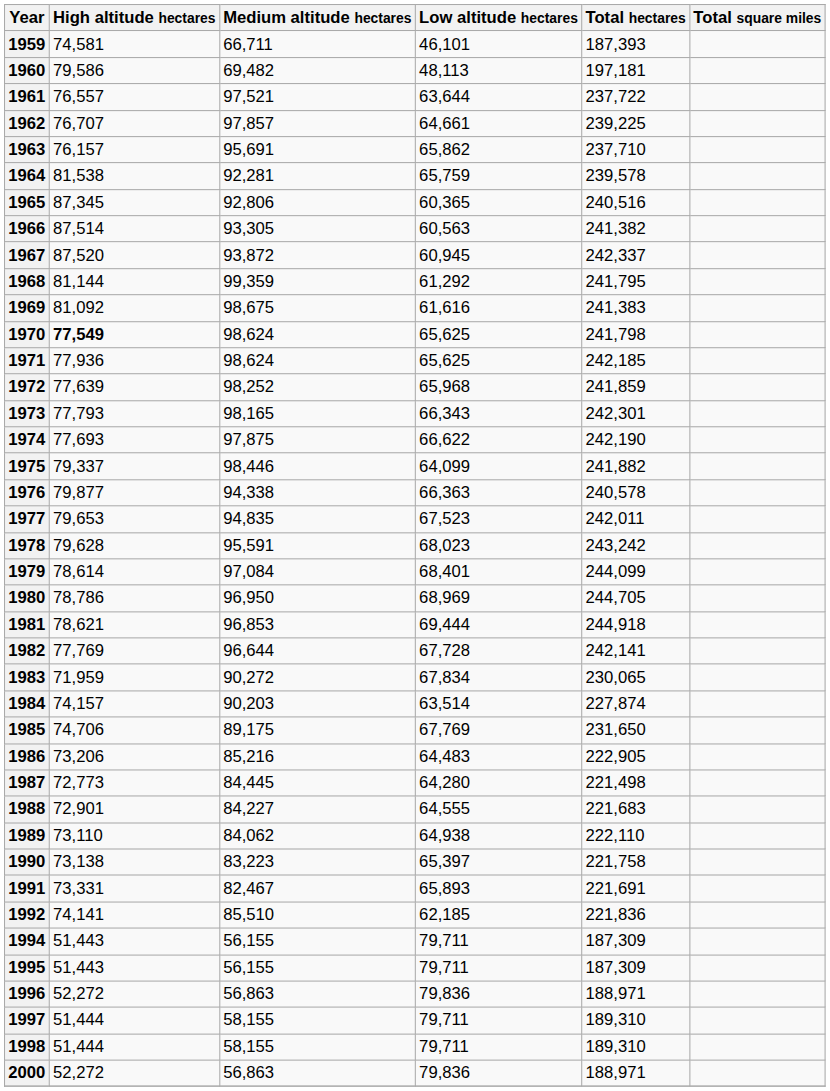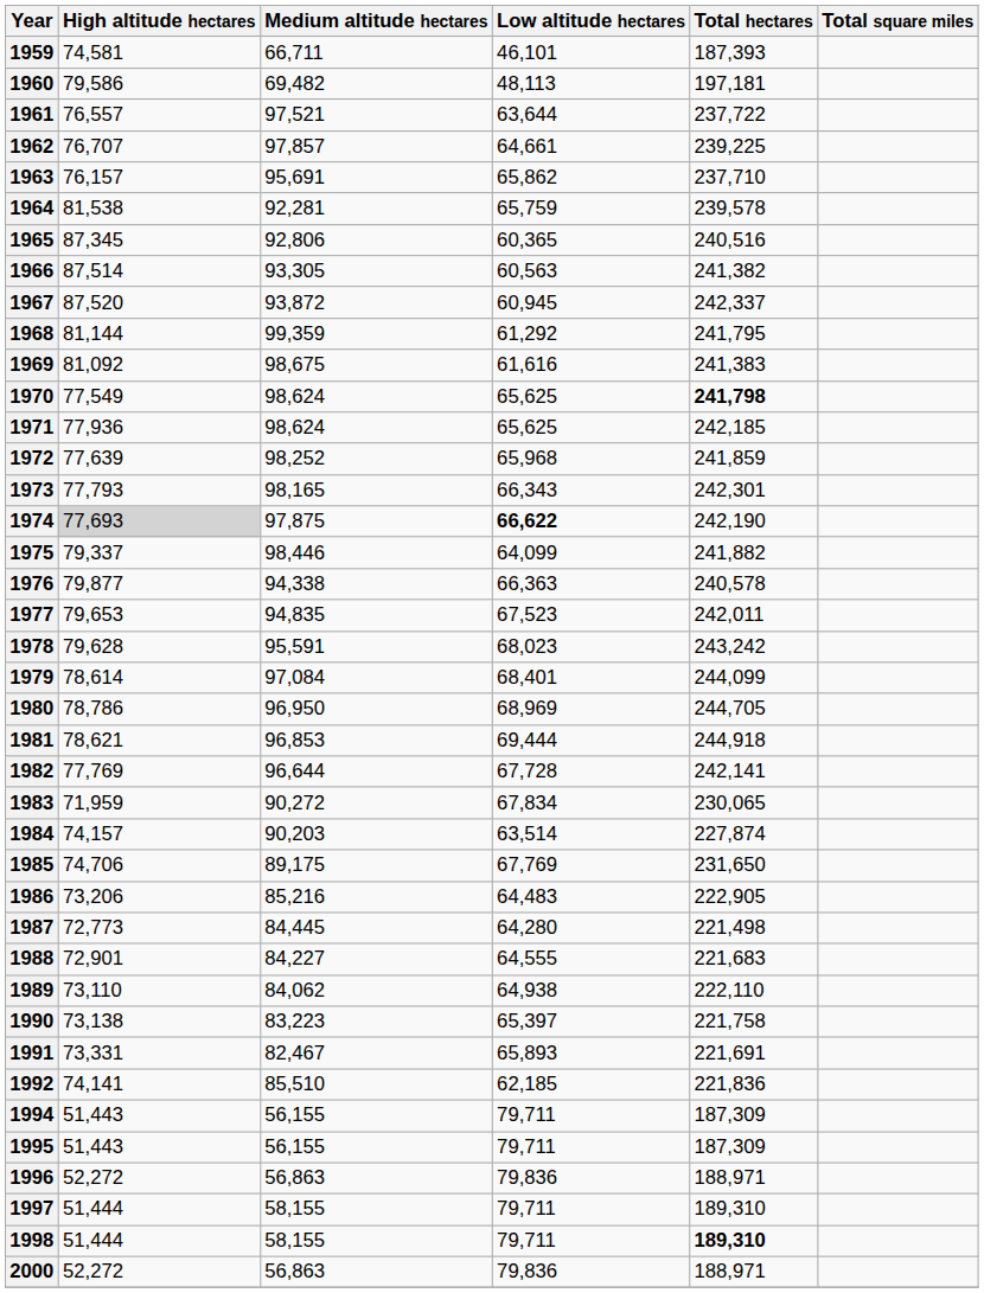 <table class="wikitable sortable static-row-numbers static-row-header-text">
 <tr>
 <th>Year</th>
 <th>High altitude <small>hectares</small></th>
 <th>Medium altitude <small>hectares</small></th>
 <th>Low altitude <small>hectares</small></th>
 <th>Total <small>hectares</small></th>
 <th>Total <small>square miles</small></th>
 </tr>
 <tr>
 <th scope="row">1959</th>
 <td>74,581</td>
 <td>66,711</td>
 <td>46,101</td>
 <td>187,393</td>
 <td></td>
 </tr>
 <tr>
 <th scope="row">1960</th>
 <td>79,586</td>
 <td>69,482</td>
 <td>48,113</td>
 <td>197,181</td>
 <td></td>
 </tr>
 <tr>
 <th scope="row">1961</th>
 <td>76,557</td>
 <td>97,521</td>
 <td>63,644</td>
 <td>237,722</td>
 <td></td>
 </tr>
 <tr>
 <th scope="row">1962</th>
 <td>76,707</td>
 <td>97,857</td>
 <td>64,661</td>
 <td>239,225</td>
 <td></td>
 </tr>
 <tr>
 <th scope="row">1963</th>
 <td>76,157</td>
 <td>95,691</td>
 <td>65,862</td>
 <td>237,710</td>
 <td></td>
 </tr>
 <tr>
 <th scope="row">1964</th>
 <td>81,538</td>
 <td>92,281</td>
 <td>65,759</td>
 <td>239,578</td>
 <td></td>
 </tr>
 <tr>
 <th scope="row">1965</th>
 <td>87,345</td>
 <td>92,806</td>
 <td>60,365</td>
 <td>240,516</td>
 <td></td>
 </tr>
 <tr>
 <th scope="row">1966</th>
 <td>87,514</td>
 <td>93,305</td>
 <td>60,563</td>
 <td>241,382</td>
 <td></td>
 </tr>
 <tr>
 <th scope="row">1967</th>
 <td>87,520</td>
 <td>93,872</td>
 <td>60,945</td>
 <td>242,337</td>
 <td></td>
 </tr>
 <tr>
 <th scope="row">1968</th>
 <td>81,144</td>
 <td>99,359</td>
 <td>61,292</td>
 <td>241,795</td>
 <td></td>
 </tr>
 <tr>
 <th scope="row">1969</th>
 <td>81,092</td>
 <td>98,675</td>
 <td>61,616</td>
 <td>241,383</td>
 <td></td>
 </tr>
 <tr>
 <th scope="row">1970</th>
-<td><strong>77,549</strong></td>
+<td>77,549</td>
 <td>98,624</td>
 <td>65,625</td>
-<td>241,798</td>
+<td><strong>241,798</strong></td>
 <td></td>
 </tr>
 <tr>
 <th scope="row">1971</th>
 <td>77,936</td>
 <td>98,624</td>
 <td>65,625</td>
 <td>242,185</td>
 <td></td>
 </tr>
 <tr>
 <th scope="row">1972</th>
 <td>77,639</td>
 <td>98,252</td>
 <td>65,968</td>
 <td>241,859</td>
 <td></td>
 </tr>
 <tr>
 <th scope="row">1973</th>
 <td>77,793</td>
 <td>98,165</td>
 <td>66,343</td>
 <td>242,301</td>
 <td></td>
 </tr>
 <tr>
 <th scope="row">1974</th>
-<td>77,693</td>
+<td style="background: lightgrey;">77,693</td>
 <td>97,875</td>
-<td>66,622</td>
+<td><strong>66,622</strong></td>
 <td>242,190</td>
 <td></td>
 </tr>
 <tr>
 <th scope="row">1975</th>
 <td>79,337</td>
 <td>98,446</td>
 <td>64,099</td>
 <td>241,882</td>
 <td></td>
 </tr>
 <tr>
 <th scope="row">1976</th>
 <td>79,877</td>
 <td>94,338</td>
 <td>66,363</td>
 <td>240,578</td>
 <td></td>
 </tr>
 <tr>
 <th scope="row">1977</th>
 <td>79,653</td>
 <td>94,835</td>
 <td>67,523</td>
 <td>242,011</td>
 <td></td>
 </tr>
 <tr>
 <th scope="row">1978</th>
 <td>79,628</td>
 <td>95,591</td>
 <td>68,023</td>
 <td>243,242</td>
 <td></td>
 </tr>
 <tr>
 <th scope="row">1979</th>
 <td>78,614</td>
 <td>97,084</td>
 <td>68,401</td>
 <td>244,099</td>
 <td></td>
 </tr>
 <tr>
 <th scope="row">1980</th>
 <td>78,786</td>
 <td>96,950</td>
 <td>68,969</td>
 <td>244,705</td>
 <td></td>
 </tr>
 <tr>
 <th scope="row">1981</th>
 <td>78,621</td>
 <td>96,853</td>
 <td>69,444</td>
 <td>244,918</td>
 <td></td>
 </tr>
 <tr>
 <th scope="row">1982</th>
 <td>77,769</td>
 <td>96,644</td>
 <td>67,728</td>
 <td>242,141</td>
 <td></td>
 </tr>
 <tr>
 <th scope="row">1983</th>
 <td>71,959</td>
 <td>90,272</td>
 <td>67,834</td>
 <td>230,065</td>
 <td></td>
 </tr>
 <tr>
 <th scope="row">1984</th>
 <td>74,157</td>
 <td>90,203</td>
 <td>63,514</td>
 <td>227,874</td>
 <td></td>
 </tr>
 <tr>
 <th scope="row">1985</th>
 <td>74,706</td>
 <td>89,175</td>
 <td>67,769</td>
 <td>231,650</td>
 <td></td>
 </tr>
 <tr>
 <th scope="row">1986</th>
 <td>73,206</td>
 <td>85,216</td>
 <td>64,483</td>
 <td>222,905</td>
 <td></td>
 </tr>
 <tr>
 <th scope="row">1987</th>
 <td>72,773</td>
 <td>84,445</td>
 <td>64,280</td>
 <td>221,498</td>
 <td></td>
 </tr>
 <tr>
 <th scope="row">1988</th>
 <td>72,901</td>
 <td>84,227</td>
 <td>64,555</td>
 <td>221,683</td>
 <td></td>
 </tr>
 <tr>
 <th scope="row">1989</th>
 <td>73,110</td>
 <td>84,062</td>
 <td>64,938</td>
 <td>222,110</td>
 <td></td>
 </tr>
 <tr>
 <th scope="row">1990</th>
 <td>73,138</td>
 <td>83,223</td>
 <td>65,397</td>
 <td>221,758</td>
 <td></td>
 </tr>
 <tr>
 <th scope="row">1991</th>
 <td>73,331</td>
 <td>82,467</td>
 <td>65,893</td>
 <td>221,691</td>
 <td></td>
 </tr>
 <tr>
 <th scope="row">1992</th>
 <td>74,141</td>
 <td>85,510</td>
 <td>62,185</td>
 <td>221,836</td>
 <td></td>
 </tr>
 <tr>
 <th scope="row">1994</th>
 <td>51,443</td>
 <td>56,155</td>
 <td>79,711</td>
 <td>187,309</td>
 <td></td>
 </tr>
 <tr>
 <th scope="row">1995</th>
 <td>51,443</td>
 <td>56,155</td>
 <td>79,711</td>
 <td>187,309</td>
 <td></td>
 </tr>
 <tr>
 <th scope="row">1996</th>
 <td>52,272</td>
 <td>56,863</td>
 <td>79,836</td>
 <td>188,971</td>
 <td></td>
 </tr>
 <tr>
 <th scope="row">1997</th>
 <td>51,444</td>
 <td>58,155</td>
 <td>79,711</td>
 <td>189,310</td>
 <td></td>
 </tr>
 <tr>
 <th scope="row">1998</th>
 <td>51,444</td>
 <td>58,155</td>
 <td>79,711</td>
-<td>189,310</td>
+<td><strong>189,310</strong></td>
 <td></td>
 </tr>
 <tr>
 <th scope="row">2000</th>
 <td>52,272</td>
 <td>56,863</td>
 <td>79,836</td>
 <td>188,971</td>
 <td></td>
 </tr>
 <tr>
 </tr>
 </table>
